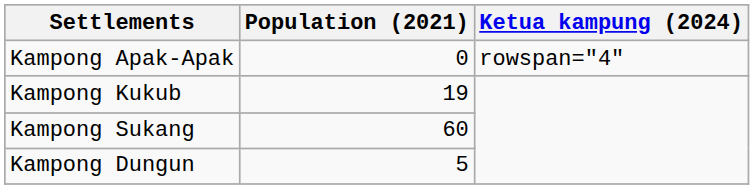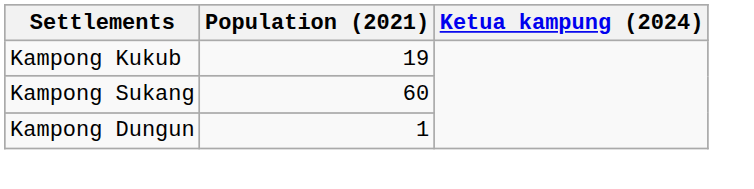 <table class="wikitable">
 <tr>
 <th>Settlements</th>
 <th>Population (2021)</th>
 <th><a href='#'>Ketua kampung</a> (2024)</th>
-</tr>
-<tr>
-<td>Kampong Apak-Apak</td>
-<td align="right">0</td>
-<td>rowspan="4" </td>
 </tr>
 <tr>
 <td>Kampong Kukub</td>
 <td align="right">19</td>
 </tr>
 <tr>
 <td>Kampong Sukang</td>
 <td align="right">60</td>
 </tr>
 <tr>
 <td>Kampong Dungun</td>
-<td align="right">5</td>
+<td align="right">1</td>
 </tr>
 </table>
